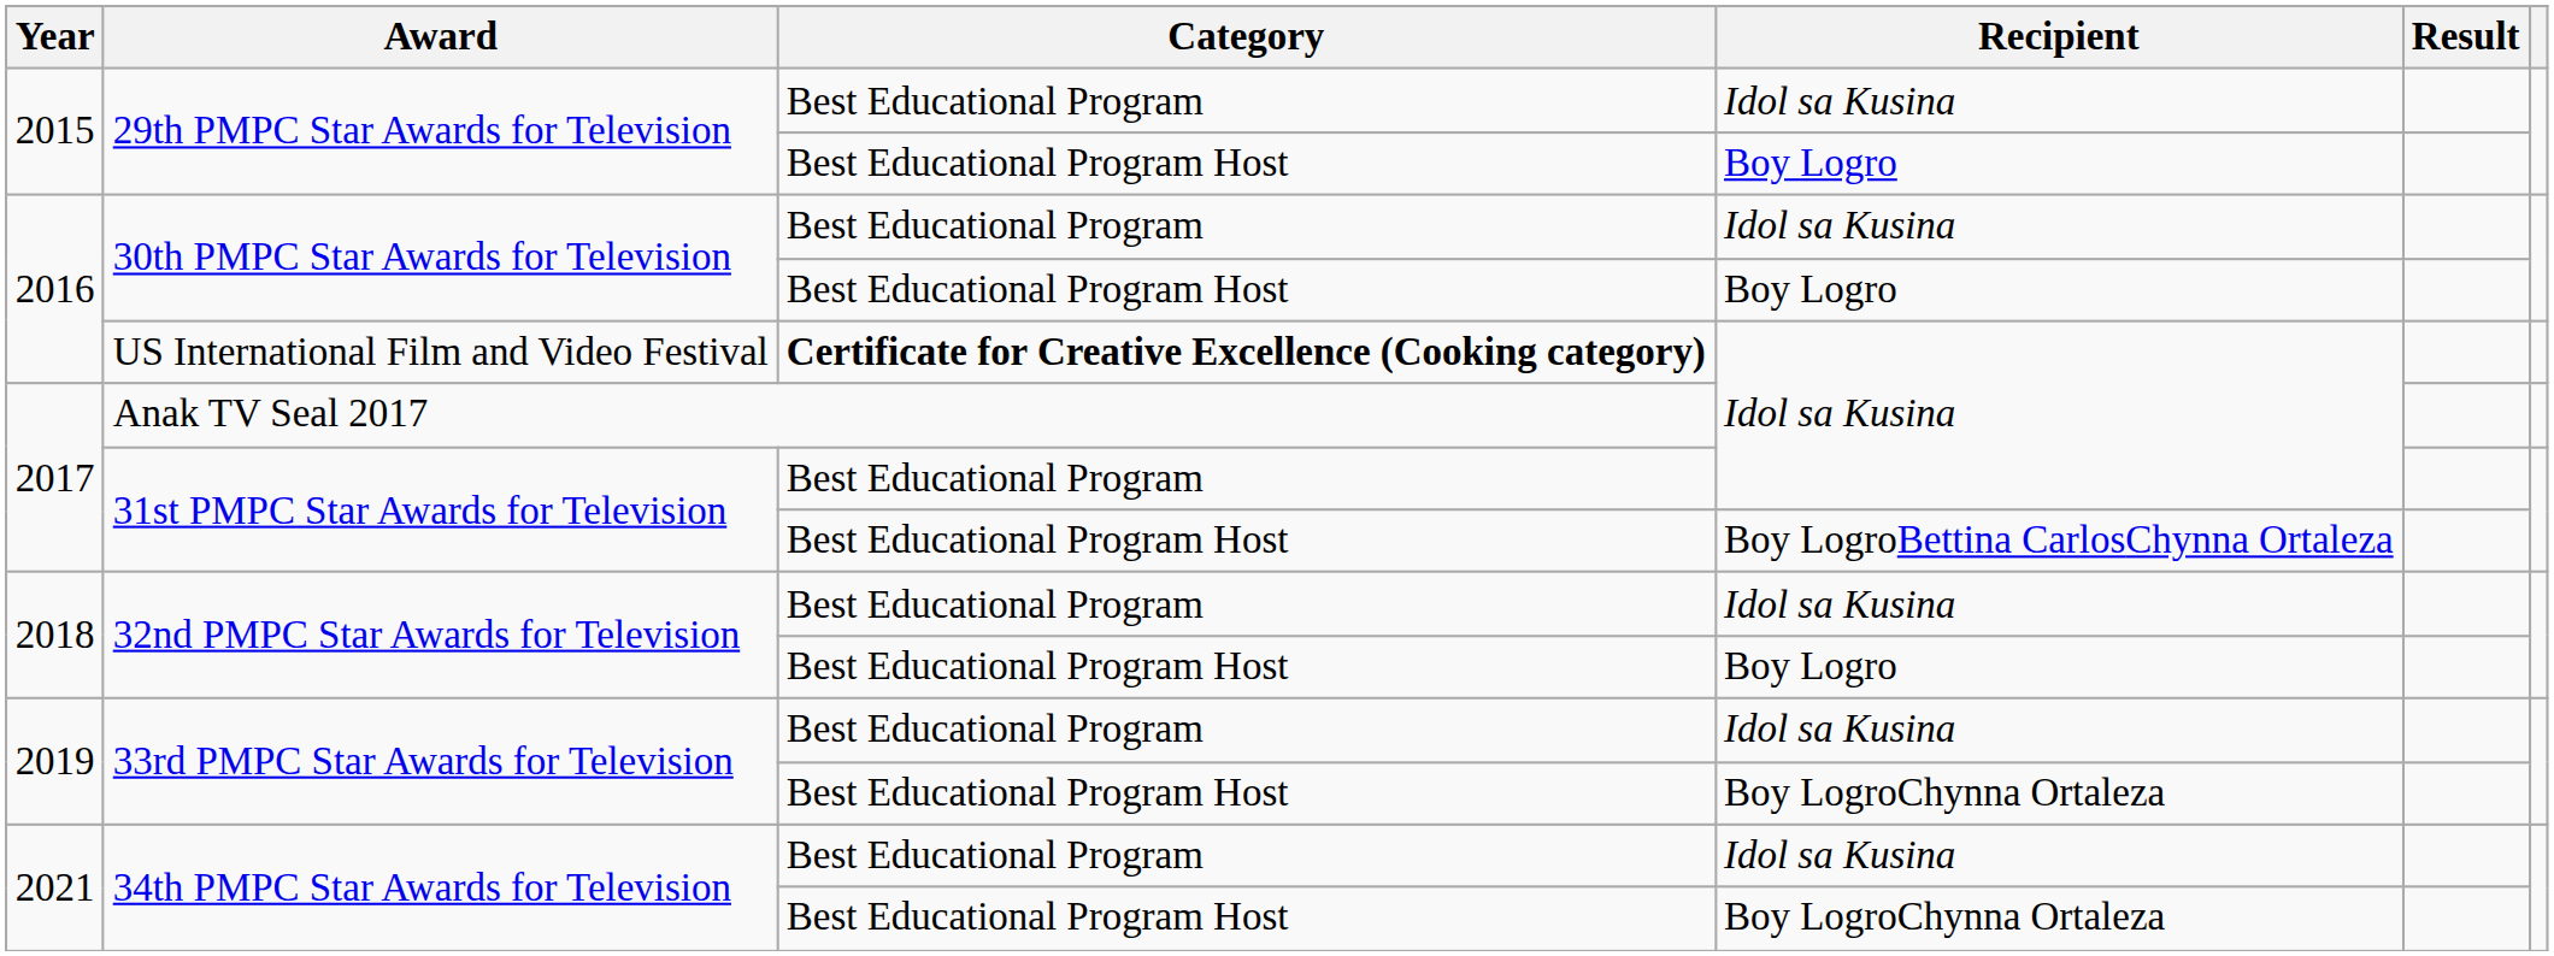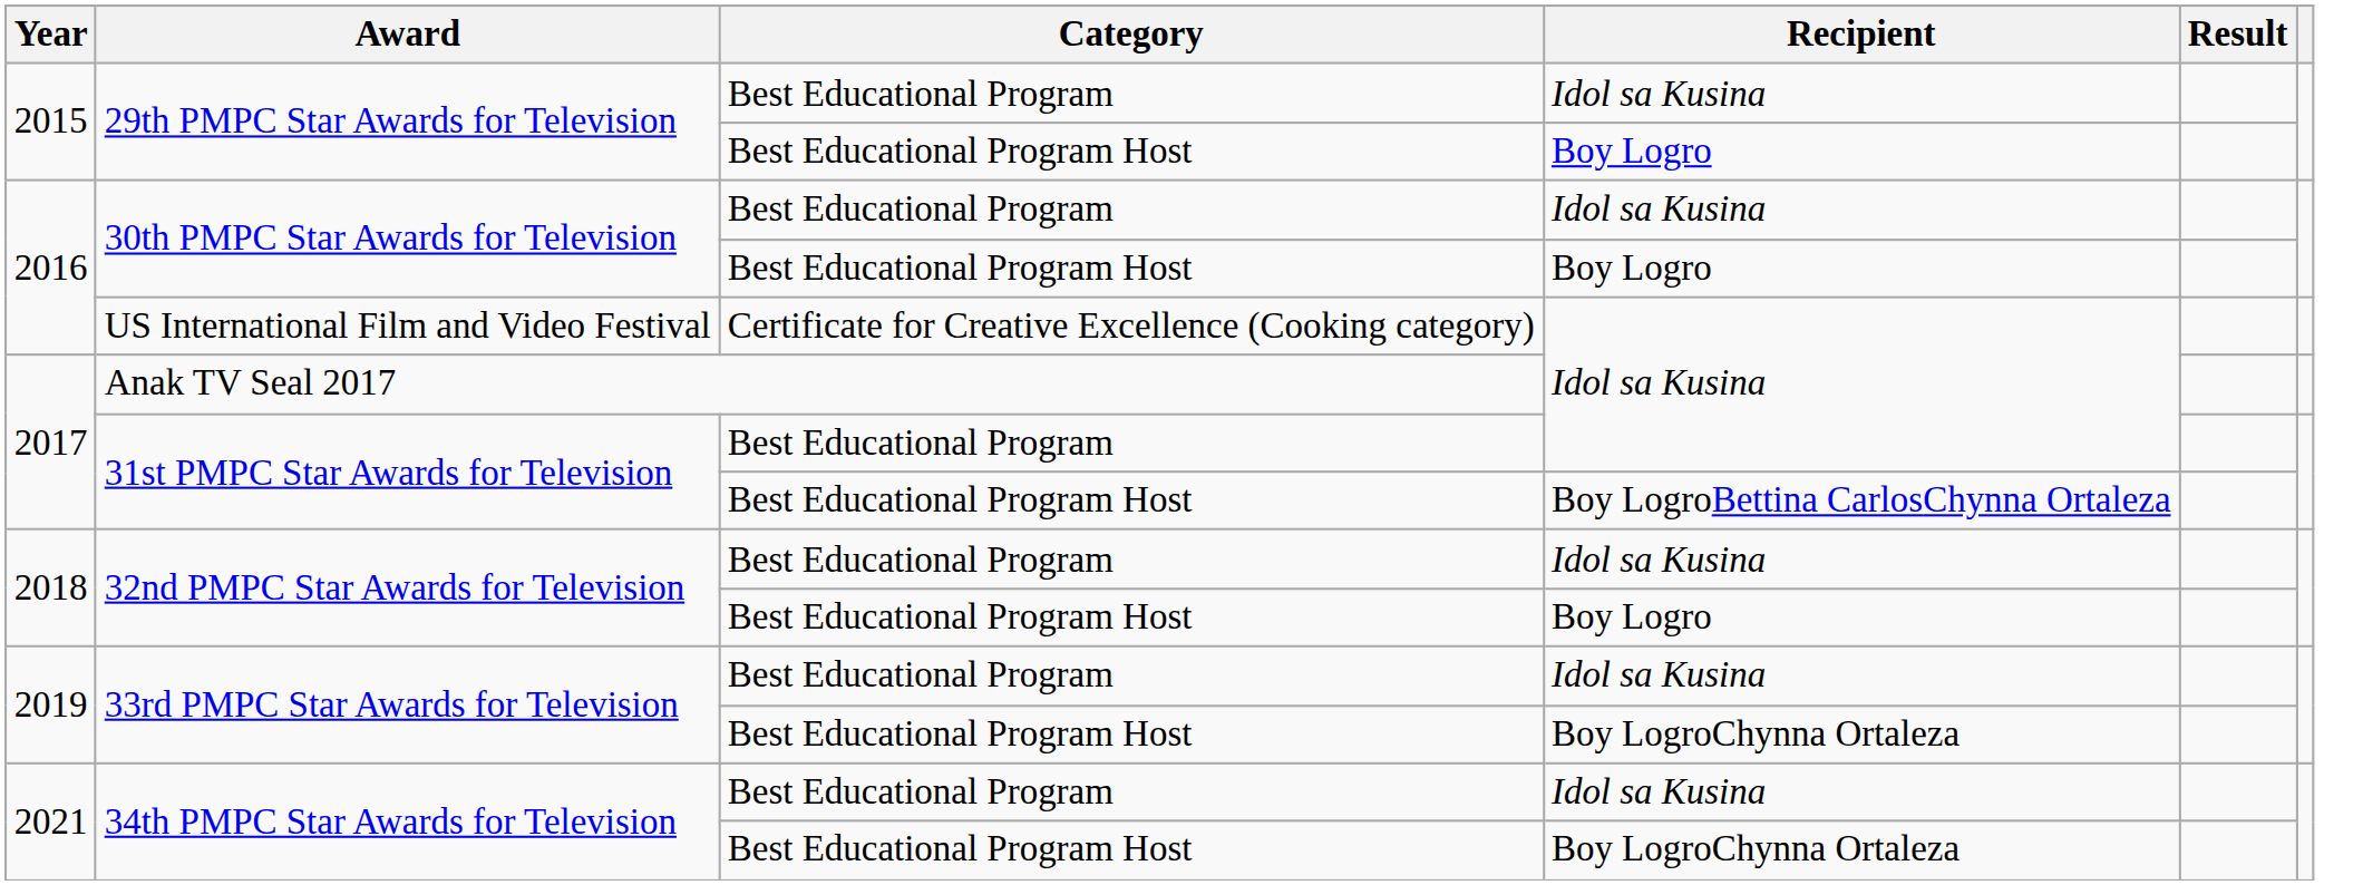 <table class="wikitable">
 <tr>
 <th>Year</th>
 <th>Award</th>
 <th>Category</th>
 <th>Recipient</th>
 <th>Result</th>
 <th></th>
 </tr>
 <tr>
 <td rowspan=2>2015</td>
 <td rowspan=2><a href='#'>29th PMPC Star Awards for Television</a></td>
 <td>Best Educational Program</td>
 <td><em>Idol sa Kusina</em></td>
 <td></td>
 <td rowspan=2></td>
 </tr>
 <tr>
 <td>Best Educational Program Host</td>
 <td><a href='#'>Boy Logro</a></td>
 <td></td>
 </tr>
 <tr>
 <td rowspan=3>2016</td>
 <td rowspan=2><a href='#'>30th PMPC Star Awards for Television</a></td>
 <td>Best Educational Program</td>
 <td><em>Idol sa Kusina</em></td>
 <td></td>
 <td rowspan=2></td>
 </tr>
 <tr>
 <td>Best Educational Program Host</td>
 <td>Boy Logro</td>
 <td></td>
 </tr>
 <tr>
 <td>US International Film and Video Festival</td>
-<td><strong>Certificate for Creative Excellence (Cooking category)</strong></td>
+<td>Certificate for Creative Excellence (Cooking category)</td>
 <td rowspan=3><em>Idol sa Kusina</em></td>
 <td></td>
 <td></td>
 </tr>
 <tr>
 <td rowspan=3>2017</td>
 <td colspan=2>Anak TV Seal 2017</td>
 <td></td>
 <td></td>
 </tr>
 <tr>
 <td rowspan=2><a href='#'>31st PMPC Star Awards for Television</a></td>
 <td>Best Educational Program</td>
 <td></td>
 <td rowspan=2></td>
 </tr>
 <tr>
 <td>Best Educational Program Host</td>
 <td>Boy Logro<a href='#'>Bettina Carlos</a><a href='#'>Chynna Ortaleza</a></td>
 <td></td>
 </tr>
 <tr>
 <td rowspan=2>2018</td>
 <td rowspan=2><a href='#'>32nd PMPC Star Awards for Television</a></td>
 <td>Best Educational Program</td>
 <td><em>Idol sa Kusina</em></td>
 <td></td>
 <td rowspan=2></td>
 </tr>
 <tr>
 <td>Best Educational Program Host</td>
 <td>Boy Logro</td>
 <td></td>
 </tr>
 <tr>
 <td rowspan=2>2019</td>
 <td rowspan=2><a href='#'>33rd PMPC Star Awards for Television</a></td>
 <td>Best Educational Program</td>
 <td><em>Idol sa Kusina</em></td>
 <td></td>
 <td rowspan=2></td>
 </tr>
 <tr>
 <td>Best Educational Program Host</td>
 <td>Boy LogroChynna Ortaleza</td>
 <td></td>
 </tr>
 <tr>
 <td rowspan=2>2021</td>
 <td rowspan=2><a href='#'>34th PMPC Star Awards for Television</a></td>
 <td>Best Educational Program</td>
 <td><em>Idol sa Kusina</em></td>
 <td></td>
 <td rowspan=2></td>
 </tr>
 <tr>
 <td>Best Educational Program Host</td>
 <td>Boy LogroChynna Ortaleza</td>
 <td></td>
 </tr>
 </table>
